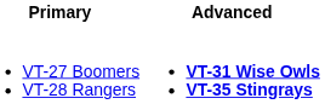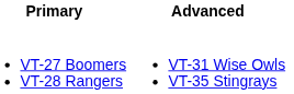 <table>
 <tr>
 <th>Primary</th>
 <th>Advanced</th>
 </tr>
 <tr>
 <td valign=top><br><ul><li><a href='#'>VT-27 Boomers</a></li><li><a href='#'>VT-28 Rangers</a></li></ul></td>
-<td valign=top><strong><br><ul><li><a href='#'>VT-31 Wise Owls</a></li><li><a href='#'>VT-35 Stingrays</a></li></ul></strong></td>
+<td valign=top><br><ul><li><a href='#'>VT-31 Wise Owls</a></li><li><a href='#'>VT-35 Stingrays</a></li></ul></td>
 </tr>
 </table>
